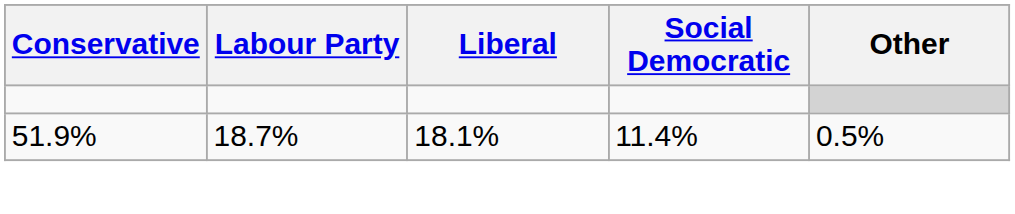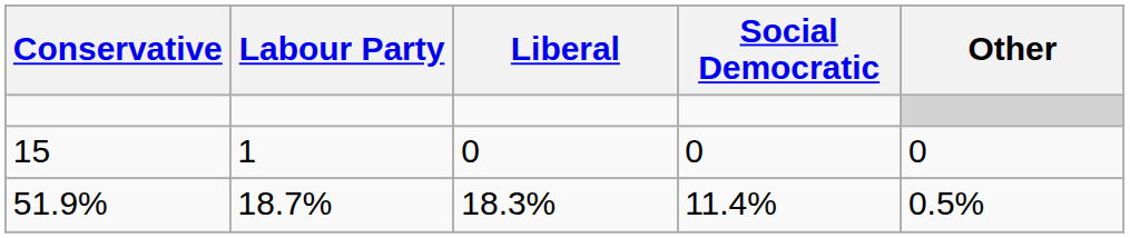 <table class="wikitable">
 <tr>
 <th width="100px"><a href='#'>Conservative</a></th>
 <th width="100px"><a href='#'>Labour Party</a></th>
 <th width="100px"><a href='#'>Liberal</a></th>
 <th width="100px"><a href='#'>Social Democratic</a></th>
 <th width="100px">Other</th>
 </tr>
 <tr>
 <td align="left" height="7px"></td>
 <td align="left" height="7px"></td>
 <td align="left" height="7px"></td>
 <td align="left" height="7px"></td>
 <td align="left" height="7px" bgcolor="lightgrey"></td>
 </tr>
 <tr>
+<td align="left">15</td>
+<td align="left">1</td>
+<td align="left">0</td>
+<td align="left">0</td>
+<td align="left">0</td>
+</tr>
+<tr>
 <td align="left">51.9%</td>
 <td align="left">18.7%</td>
-<td align="left">18.1%</td>
+<td align="left">18.3%</td>
 <td align="left">11.4%</td>
 <td align="left">0.5%</td>
 </tr>
 </table>
